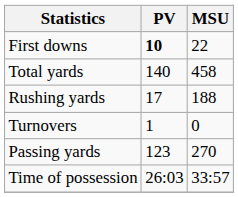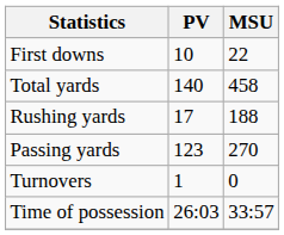 <table class="wikitable" style="float: left;">
 <tr>
 <th>Statistics</th>
 <th>PV</th>
 <th>MSU</th>
 </tr>
 <tr>
 <td>First downs</td>
-<td><strong>10</strong></td>
+<td>10</td>
 <td>22</td>
 </tr>
 <tr>
 <td>Total yards</td>
 <td>140</td>
 <td>458</td>
 </tr>
 <tr>
 <td>Rushing yards</td>
 <td>17</td>
 <td>188</td>
 </tr>
 <tr>
+<td>Passing yards</td>
+<td>123</td>
+<td>270</td>
+</tr>
+<tr>
 <td>Turnovers</td>
 <td>1</td>
 <td>0</td>
-</tr>
-<tr>
-<td>Passing yards</td>
-<td>123</td>
-<td>270</td>
 </tr>
 <tr>
 <td>Time of possession</td>
 <td>26:03</td>
 <td>33:57</td>
 </tr>
 <tr>
 </tr>
 </table>
